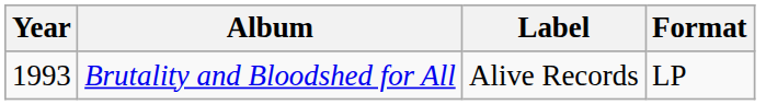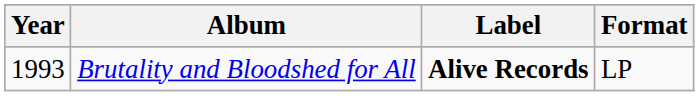 <table class="wikitable">
 <tr>
 <th>Year</th>
 <th>Album</th>
 <th>Label</th>
 <th>Format</th>
 </tr>
 <tr>
 <td>1993</td>
 <td><em><a href='#'>Brutality and Bloodshed for All</a></em></td>
-<td>Alive Records</td>
+<td><strong>Alive Records</strong></td>
 <td>LP</td>
 </tr>
 </table>
